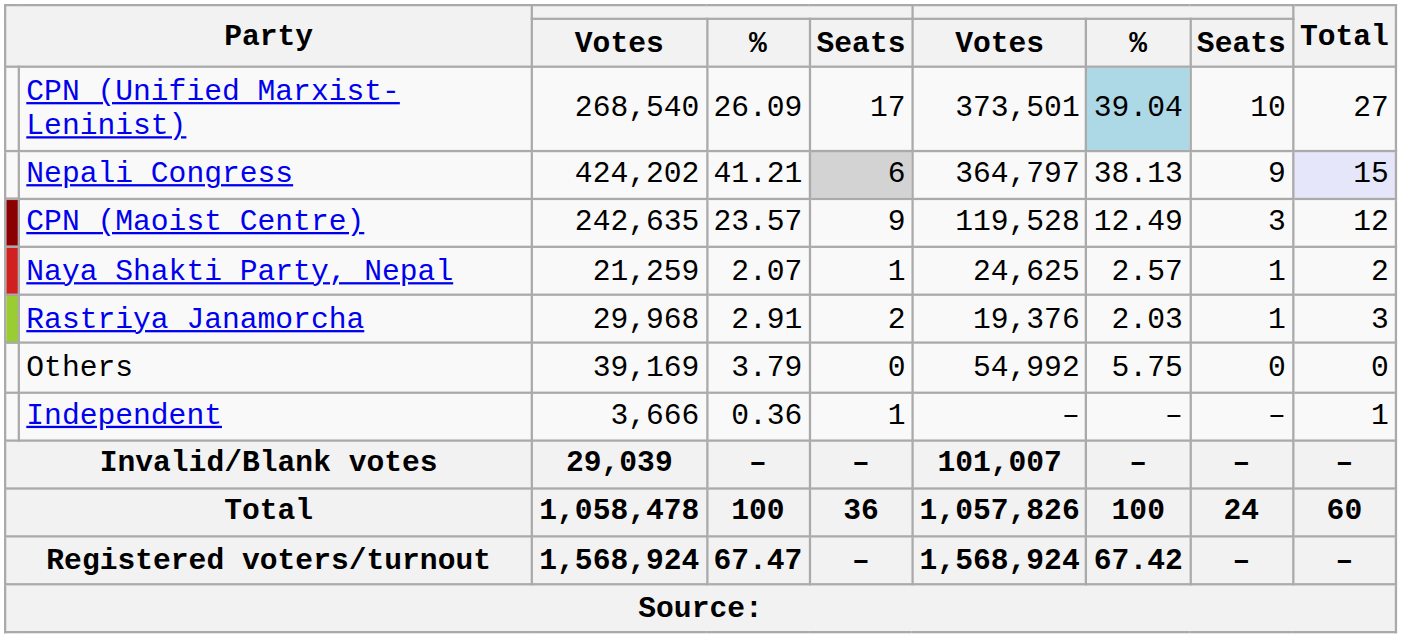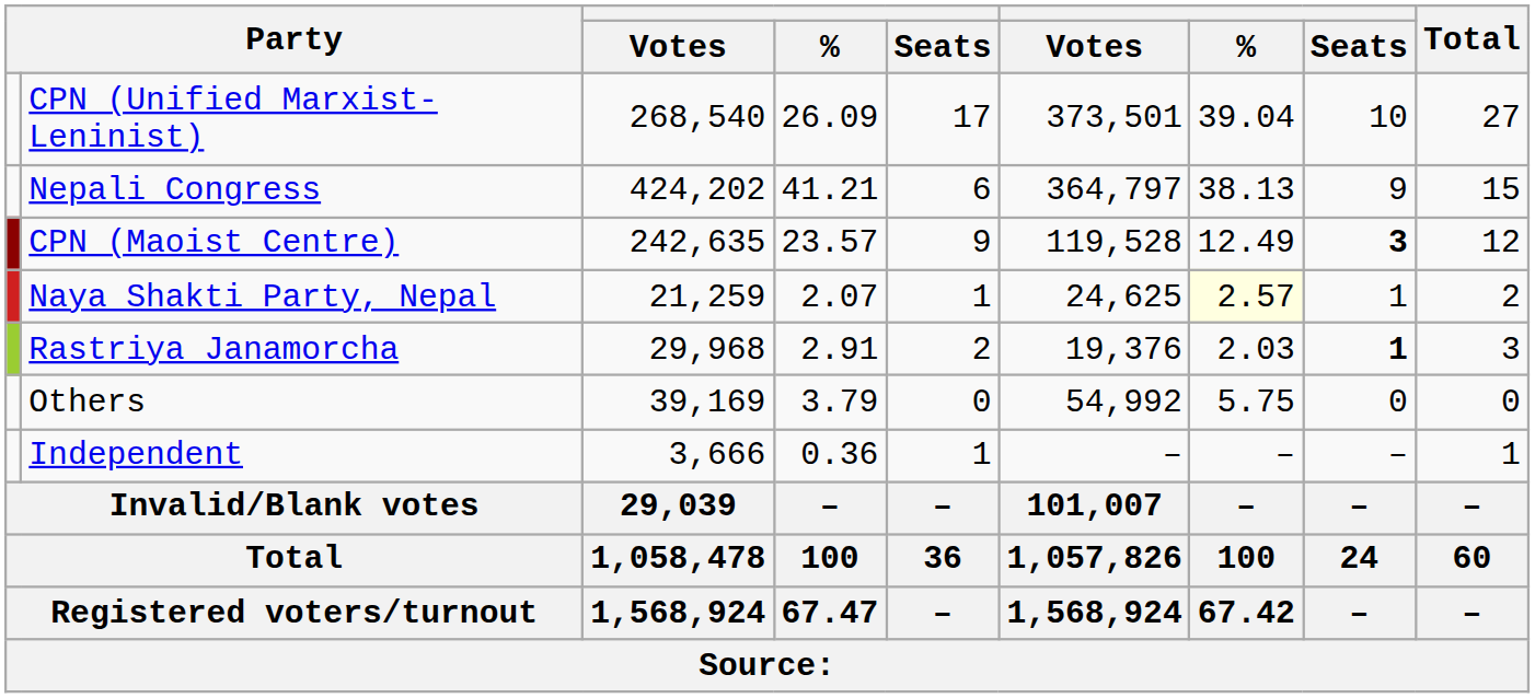 <table class="wikitable" style="text-align:right">
 <tr>
 <th colspan="2" rowspan="2">Party</th>
 <th colspan="3"></th>
 <th colspan="3"></th>
 <th rowspan="2">Total</th>
 </tr>
 <tr>
 <th>Votes</th>
 <th>%</th>
 <th>Seats</th>
 <th>Votes</th>
 <th>%</th>
 <th>Seats</th>
 </tr>
 <tr>
 <td></td>
 <td align="left"><a href='#'>CPN (Unified Marxist-Leninist)</a></td>
 <td>268,540</td>
 <td>26.09</td>
 <td>17</td>
 <td>373,501</td>
-<td style="background: lightblue;">39.04</td>
+<td>39.04</td>
 <td>10</td>
 <td>27</td>
 </tr>
 <tr>
 <td></td>
 <td align="left"><a href='#'>Nepali Congress</a></td>
 <td>424,202</td>
 <td>41.21</td>
-<td style="background: lightgrey;">6</td>
+<td>6</td>
 <td>364,797</td>
 <td>38.13</td>
 <td>9</td>
-<td style="background: lavender;">15</td>
+<td>15</td>
 </tr>
 <tr>
 <td bgcolor="8B0000"></td>
 <td align="left"><a href='#'>CPN (Maoist Centre)</a></td>
 <td>242,635</td>
 <td>23.57</td>
 <td>9</td>
 <td>119,528</td>
 <td>12.49</td>
-<td>3</td>
+<td><strong>3</strong></td>
 <td>12</td>
 </tr>
 <tr>
 <td bgcolor=#D02020></td>
 <td align="left"><a href='#'>Naya Shakti Party, Nepal</a></td>
 <td>21,259</td>
 <td>2.07</td>
 <td>1</td>
 <td>24,625</td>
-<td>2.57</td>
+<td style="background: lightyellow;">2.57</td>
 <td>1</td>
 <td>2</td>
 </tr>
 <tr>
 <td bgcolor=#9ACD32></td>
 <td align="left"><a href='#'>Rastriya Janamorcha</a></td>
 <td>29,968</td>
 <td>2.91</td>
 <td>2</td>
 <td>19,376</td>
 <td>2.03</td>
-<td>1</td>
+<td><strong>1</strong></td>
 <td>3</td>
 </tr>
 <tr>
 <td></td>
 <td align="left">Others</td>
 <td>39,169</td>
 <td>3.79</td>
 <td>0</td>
 <td>54,992</td>
 <td>5.75</td>
 <td>0</td>
 <td>0</td>
 </tr>
 <tr>
 <td></td>
 <td align="left"><a href='#'>Independent</a></td>
 <td>3,666</td>
 <td>0.36</td>
 <td>1</td>
 <td>–</td>
 <td>–</td>
 <td>–</td>
 <td>1</td>
 </tr>
 <tr>
 <th colspan="2">Invalid/Blank votes</th>
 <th>29,039</th>
 <th>–</th>
 <th>–</th>
 <th>101,007</th>
 <th>–</th>
 <th>–</th>
 <th>–</th>
 </tr>
 <tr>
 <th colspan="2">Total</th>
 <th>1,058,478</th>
 <th>100</th>
 <th>36</th>
 <th>1,057,826</th>
 <th>100</th>
 <th>24</th>
 <th>60</th>
 </tr>
 <tr>
 <th colspan="2">Registered voters/turnout</th>
 <th>1,568,924</th>
 <th>67.47</th>
 <th>–</th>
 <th>1,568,924</th>
 <th>67.42</th>
 <th>–</th>
 <th>–</th>
 </tr>
 <tr>
 <th colspan="9">Source: </th>
 </tr>
 </table>
